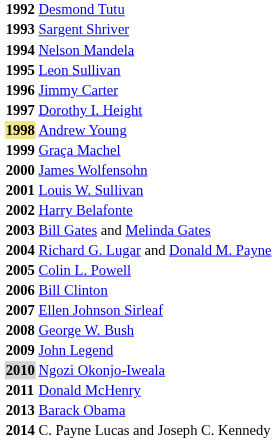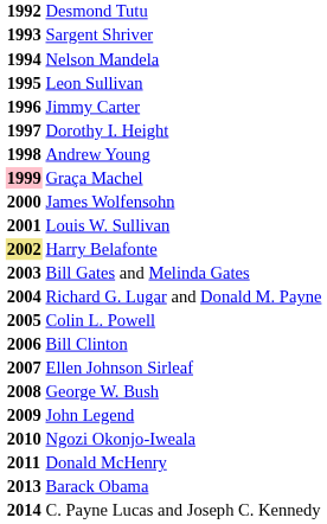 <table>
 <tr>
 <td><strong>1992</strong></td>
 <td><a href='#'>Desmond Tutu</a></td>
 <td></td>
 </tr>
 <tr>
 <td><strong>1993</strong></td>
 <td><a href='#'>Sargent Shriver</a></td>
 <td></td>
 </tr>
 <tr>
 <td><strong>1994</strong></td>
 <td><a href='#'>Nelson Mandela</a></td>
 <td></td>
 </tr>
 <tr>
 <td><strong>1995</strong></td>
 <td><a href='#'>Leon Sullivan</a></td>
 <td></td>
 </tr>
 <tr>
 <td><strong>1996</strong></td>
 <td><a href='#'>Jimmy Carter</a></td>
 <td></td>
 </tr>
 <tr>
 <td><strong>1997</strong></td>
 <td><a href='#'>Dorothy I. Height</a></td>
 <td></td>
 </tr>
 <tr>
-<td style="background: khaki;"><strong>1998</strong></td>
+<td><strong>1998</strong></td>
 <td><a href='#'>Andrew Young</a></td>
 <td></td>
 </tr>
 <tr>
-<td><strong>1999</strong></td>
+<td style="background: pink;"><strong>1999</strong></td>
 <td><a href='#'>Graça Machel</a></td>
 <td></td>
 </tr>
 <tr>
 <td><strong>2000</strong></td>
 <td><a href='#'>James Wolfensohn</a></td>
 <td></td>
 </tr>
 <tr>
 <td><strong>2001</strong></td>
 <td><a href='#'>Louis W. Sullivan</a></td>
 <td></td>
 </tr>
 <tr>
-<td><strong>2002</strong></td>
+<td style="background: khaki;"><strong>2002</strong></td>
 <td><a href='#'>Harry Belafonte</a></td>
 <td></td>
 </tr>
 <tr>
 <td><strong>2003</strong></td>
 <td><a href='#'>Bill Gates</a> and <a href='#'>Melinda Gates</a></td>
 <td></td>
 </tr>
 <tr>
 <td><strong>2004</strong></td>
 <td><a href='#'>Richard G. Lugar</a> and <a href='#'>Donald M. Payne</a></td>
 <td></td>
 </tr>
 <tr>
 <td><strong>2005</strong></td>
 <td><a href='#'>Colin L. Powell</a></td>
 <td></td>
 </tr>
 <tr>
 <td><strong>2006</strong></td>
 <td><a href='#'>Bill Clinton</a></td>
 <td></td>
 </tr>
 <tr>
 <td><strong>2007</strong></td>
 <td><a href='#'>Ellen Johnson Sirleaf</a></td>
 <td></td>
 </tr>
 <tr>
 <td><strong>2008</strong></td>
 <td><a href='#'>George W. Bush</a></td>
 <td></td>
 </tr>
 <tr>
 <td><strong>2009</strong></td>
 <td><a href='#'>John Legend</a></td>
 <td></td>
 </tr>
 <tr>
-<td style="background: lightgrey;"><strong>2010</strong></td>
+<td><strong>2010</strong></td>
 <td><a href='#'>Ngozi Okonjo-Iweala</a></td>
 <td></td>
 </tr>
 <tr>
 <td><strong>2011</strong></td>
 <td><a href='#'>Donald McHenry</a></td>
 <td></td>
 </tr>
 <tr>
 <td><strong>2013</strong></td>
 <td><a href='#'>Barack Obama</a></td>
 <td></td>
 </tr>
 <tr>
 <td><strong>2014</strong></td>
 <td>C. Payne Lucas and Joseph C. Kennedy</td>
 <td></td>
 </tr>
 </table>
